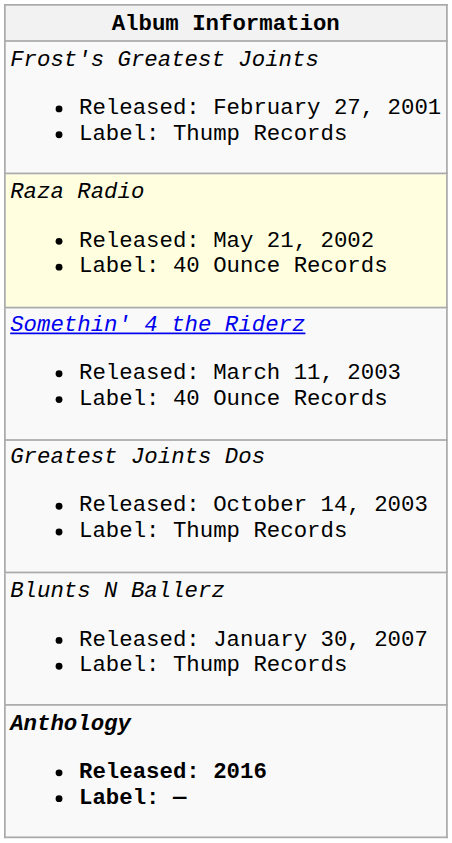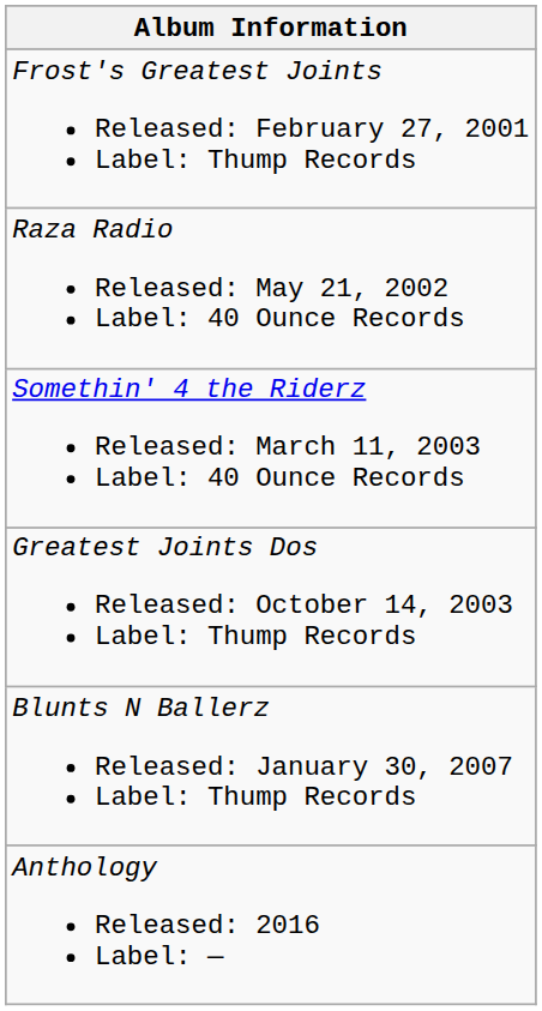 <table class="wikitable">
 <tr>
 <th align="left">Album Information</th>
 </tr>
 <tr>
 <td align="left"><em>Frost's Greatest Joints</em><br><ul><li>Released: February 27, 2001</li><li>Label: Thump Records</li></ul></td>
 </tr>
 <tr>
-<td align="left" style="background: lightyellow;"><em>Raza Radio</em><br><ul><li>Released: May 21, 2002</li><li>Label: 40 Ounce Records</li></ul></td>
+<td align="left"><em>Raza Radio</em><br><ul><li>Released: May 21, 2002</li><li>Label: 40 Ounce Records</li></ul></td>
 </tr>
 <tr>
 <td align="left"><em><a href='#'>Somethin' 4 the Riderz</a></em><br><ul><li>Released: March 11, 2003</li><li>Label: 40 Ounce Records</li></ul></td>
 </tr>
 <tr>
 <td align="left"><em>Greatest Joints Dos</em><br><ul><li>Released: October 14, 2003</li><li>Label: Thump Records</li></ul></td>
 </tr>
 <tr>
 <td><em>Blunts N Ballerz</em><br><ul><li>Released: January 30, 2007</li><li>Label: Thump Records</li></ul></td>
 </tr>
 <tr>
-<td><strong><em>Anthology</em><br><ul><li>Released: 2016</li><li>Label: —</li></ul></strong></td>
+<td><em>Anthology</em><br><ul><li>Released: 2016</li><li>Label: —</li></ul></td>
 </tr>
 </table>
